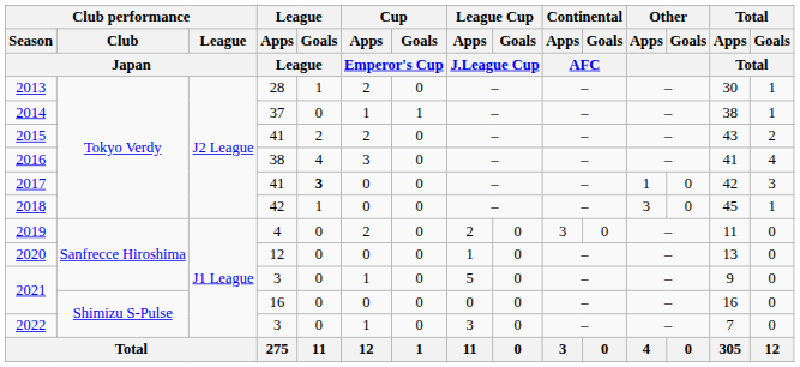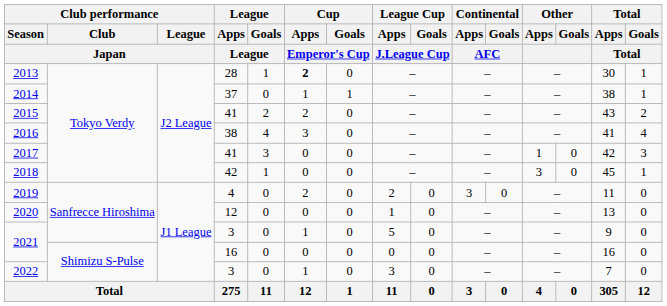 <table class="wikitable" style="text-align:center;">
 <tr>
 <th colspan=3>Club performance</th>
 <th colspan=2>League</th>
 <th colspan=2>Cup</th>
 <th colspan="2">League Cup</th>
 <th colspan="2">Continental</th>
 <th colspan="2">Other</th>
 <th colspan=2>Total</th>
 </tr>
 <tr>
 <th>Season</th>
 <th>Club</th>
 <th>League</th>
 <th>Apps</th>
 <th>Goals</th>
 <th>Apps</th>
 <th>Goals</th>
 <th>Apps</th>
 <th>Goals</th>
 <th>Apps</th>
 <th>Goals</th>
 <th>Apps</th>
 <th>Goals</th>
 <th>Apps</th>
 <th>Goals</th>
 </tr>
 <tr>
 <th colspan=3>Japan</th>
 <th colspan=2>League</th>
 <th colspan=2><a href='#'>Emperor's Cup</a></th>
 <th colspan="2"><a href='#'>J.League Cup</a></th>
 <th colspan="2"><a href='#'>AFC</a></th>
 <th colspan="2"></th>
 <th colspan=2>Total</th>
 </tr>
 <tr>
 <td><a href='#'>2013</a></td>
 <td rowspan="6"><a href='#'>Tokyo Verdy</a></td>
 <td rowspan="6"><a href='#'>J2 League</a></td>
 <td>28</td>
 <td>1</td>
-<td>2</td>
+<td><strong>2</strong></td>
 <td>0</td>
 <td colspan="2">–</td>
 <td colspan="2">–</td>
 <td colspan="2">–</td>
 <td>30</td>
 <td>1</td>
 </tr>
 <tr>
 <td><a href='#'>2014</a></td>
 <td>37</td>
 <td>0</td>
 <td>1</td>
 <td>1</td>
 <td colspan="2">–</td>
 <td colspan="2">–</td>
 <td colspan="2">–</td>
 <td>38</td>
 <td>1</td>
 </tr>
 <tr>
 <td><a href='#'>2015</a></td>
 <td>41</td>
 <td>2</td>
 <td>2</td>
 <td>0</td>
 <td colspan="2">–</td>
 <td colspan="2">–</td>
 <td colspan="2">–</td>
 <td>43</td>
 <td>2</td>
 </tr>
 <tr>
 <td><a href='#'>2016</a></td>
 <td>38</td>
 <td>4</td>
 <td>3</td>
 <td>0</td>
 <td colspan="2">–</td>
 <td colspan="2">–</td>
 <td colspan="2">–</td>
 <td>41</td>
 <td>4</td>
 </tr>
 <tr>
 <td><a href='#'>2017</a></td>
 <td>41</td>
-<td><strong>3</strong></td>
+<td>3</td>
 <td>0</td>
 <td>0</td>
 <td colspan="2">–</td>
 <td colspan="2">–</td>
 <td>1</td>
 <td>0</td>
 <td>42</td>
 <td>3</td>
 </tr>
 <tr>
 <td><a href='#'>2018</a></td>
 <td>42</td>
 <td>1</td>
 <td>0</td>
 <td>0</td>
 <td colspan="2">–</td>
 <td colspan="2">–</td>
 <td>3</td>
 <td>0</td>
 <td>45</td>
 <td>1</td>
 </tr>
 <tr>
 <td><a href='#'>2019</a></td>
 <td rowspan="3"><a href='#'>Sanfrecce Hiroshima</a></td>
 <td rowspan="5"><a href='#'>J1 League</a></td>
 <td>4</td>
 <td>0</td>
 <td>2</td>
 <td>0</td>
 <td>2</td>
 <td>0</td>
 <td>3</td>
 <td>0</td>
 <td colspan="2">–</td>
 <td>11</td>
 <td>0</td>
 </tr>
 <tr>
 <td><a href='#'>2020</a></td>
 <td>12</td>
 <td>0</td>
 <td>0</td>
 <td>0</td>
 <td>1</td>
 <td>0</td>
 <td colspan="2">–</td>
 <td colspan="2">–</td>
 <td>13</td>
 <td>0</td>
 </tr>
 <tr>
 <td rowspan="2"><a href='#'>2021</a></td>
 <td>3</td>
 <td>0</td>
 <td>1</td>
 <td>0</td>
 <td>5</td>
 <td>0</td>
 <td colspan="2">–</td>
 <td colspan="2">–</td>
 <td>9</td>
 <td>0</td>
 </tr>
 <tr>
 <td rowspan="2"><a href='#'>Shimizu S-Pulse</a></td>
 <td>16</td>
 <td>0</td>
 <td>0</td>
 <td>0</td>
 <td>0</td>
 <td>0</td>
 <td colspan="2">–</td>
 <td colspan="2">–</td>
 <td>16</td>
 <td>0</td>
 </tr>
 <tr>
 <td><a href='#'>2022</a></td>
 <td>3</td>
 <td>0</td>
 <td>1</td>
 <td>0</td>
 <td>3</td>
 <td>0</td>
 <td colspan="2">–</td>
 <td colspan="2">–</td>
 <td>7</td>
 <td>0</td>
 </tr>
 <tr>
 <th colspan="3">Total</th>
 <th>275</th>
 <th>11</th>
 <th>12</th>
 <th>1</th>
 <th>11</th>
 <th>0</th>
 <th>3</th>
 <th>0</th>
 <th>4</th>
 <th>0</th>
 <th>305</th>
 <th>12</th>
 </tr>
 </table>
